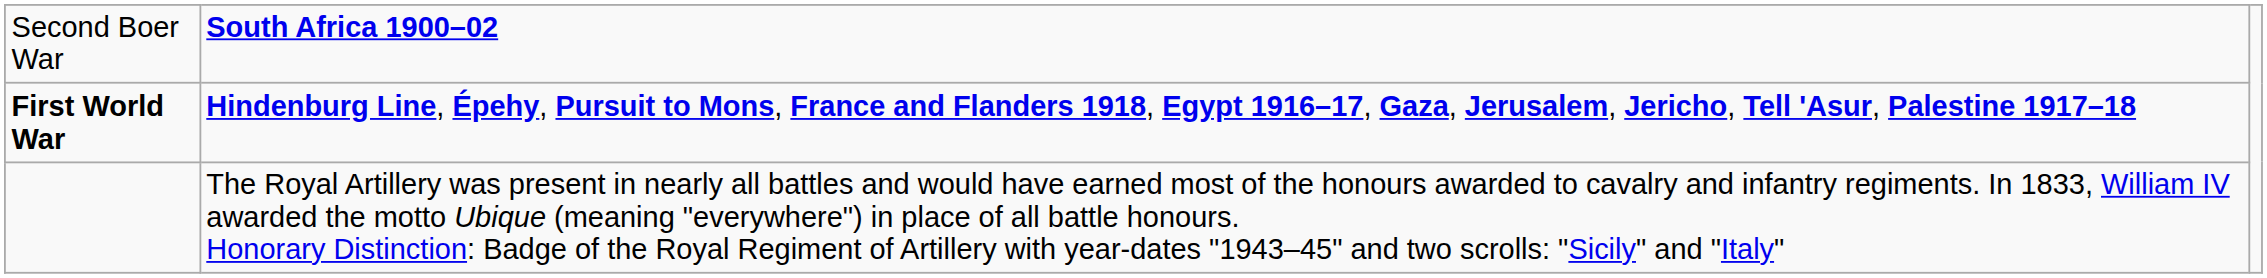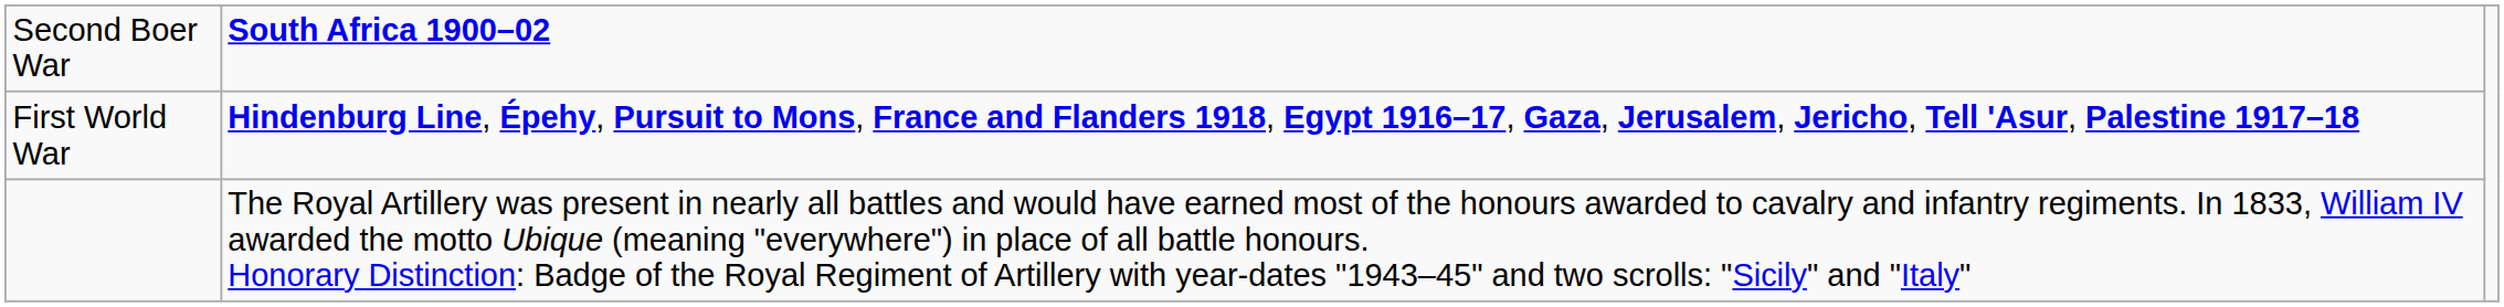 <table class="wikitable">
 <tr valign=top>
 <td>Second Boer War</td>
 <td><strong><a href='#'>South Africa 1900–02</a></strong></td>
 <td rowspan=3></td>
 </tr>
 <tr valign=top>
-<td><strong>First World War</strong></td>
+<td>First World War</td>
 <td><strong><a href='#'>Hindenburg Line</a></strong>, <strong><a href='#'>Épehy</a></strong>, <strong><a href='#'>Pursuit to Mons</a></strong>, <strong><a href='#'>France and Flanders 1918</a></strong>, <strong><a href='#'>Egypt 1916–17</a></strong>, <strong><a href='#'>Gaza</a></strong>, <strong><a href='#'>Jerusalem</a></strong>, <strong><a href='#'>Jericho</a></strong>, <strong><a href='#'>Tell 'Asur</a></strong>, <strong><a href='#'>Palestine 1917–18</a></strong></td>
 </tr>
 <tr valign=top>
 <td></td>
 <td>The Royal Artillery was present in nearly all battles and would have earned most of the honours awarded to cavalry and infantry regiments. In 1833, <a href='#'>William IV</a> awarded the motto <em>Ubique</em> (meaning "everywhere") in place of all battle honours.<br><a href='#'>Honorary Distinction</a>: Badge of the Royal Regiment of Artillery with year-dates "1943–45" and two scrolls: "<a href='#'>Sicily</a>" and "<a href='#'>Italy</a>"</td>
 </tr>
 </table>
